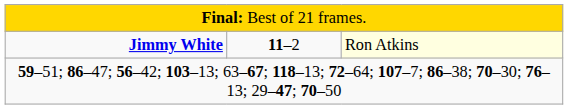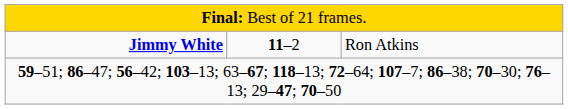 <table class="wikitable" style="font-size: 95%; margin: 1em auto 1em auto;">
 <tr>
 <td colspan="3" align="center" bgcolor="#ffd700"><strong>Final:</strong> Best of 21 frames.<br></td>
 </tr>
 <tr>
 <td width="200" align="right"><strong><a href='#'>Jimmy White</a></strong> <br></td>
 <td width="100" align="center"><strong>11</strong>–2</td>
-<td width="200" style="background: lightyellow;">Ron Atkins <br></td>
+<td width="200">Ron Atkins <br></td>
 </tr>
 <tr>
 <td colspan="3" align="center" style="font-size: 100%"><strong>59</strong>–51; <strong>86</strong>–47; <strong>56</strong>–42; <strong>103</strong>–13; 63–<strong>67</strong>; <strong>118</strong>–13; <strong>72</strong>–64; <strong>107</strong>–7; <strong>86</strong>–38; <strong>70</strong>–30; <strong>76</strong>–13; 29–<strong>47</strong>; <strong>70</strong>–50</td>
 </tr>
 </table>
